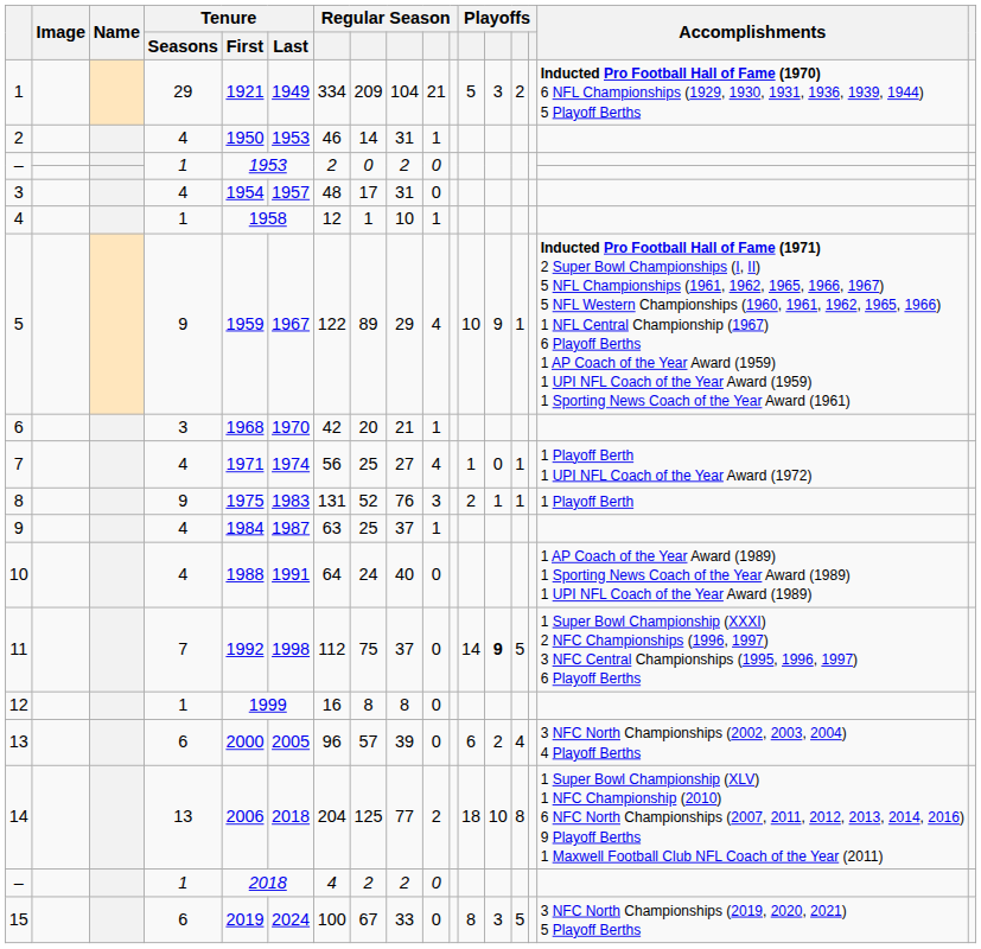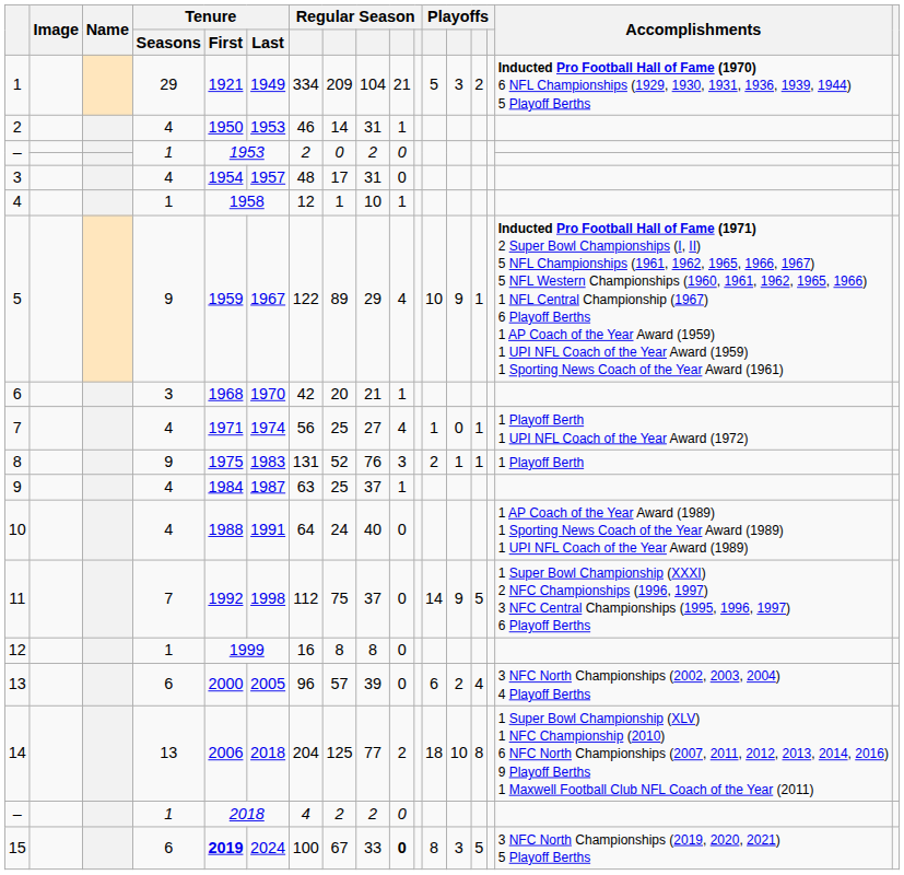 <table class='wikitable sortable sticky-header-multi' style="text-align:center">
 <tr>
 <th scope="col" rowspan="2"> </th>
 <th scope="col" rowspan="2" class="unsortable">Image</th>
 <th scope="col" rowspan="2">Name</th>
 <th scope="col" colspan="3">Tenure</th>
 <th scope="col" colspan="5">Regular Season</th>
 <th scope="col" colspan="4">Playoffs</th>
 <th scope="col" rowspan="2" class="unsortable">Accomplishments</th>
 <th scope="col" rowspan="2" class="unsortable"></th>
 </tr>
 <tr>
 <th scope="col">Seasons</th>
 <th scope="col">First</th>
 <th scope="col">Last</th>
 <th scope="col"></th>
 <th scope="col"></th>
 <th scope="col"></th>
 <th scope="col"></th>
 <th scope="col"></th>
 <th scope="col"></th>
 <th scope="col"></th>
 <th scope="col"></th>
 <th scope="col"></th>
 </tr>
 <tr>
 <td>1</td>
 <td></td>
 <th scope="row" style="background:#FFE6BD; text-align: left;"> </th>
 <td>29</td>
 <td><a href='#'>1921</a></td>
 <td><a href='#'>1949</a></td>
 <td>334</td>
 <td>209</td>
 <td>104</td>
 <td>21</td>
 <td></td>
 <td>5</td>
 <td>3</td>
 <td>2</td>
 <td></td>
 <td align="left"><small><strong>Inducted <a href='#'>Pro Football Hall of Fame</a> (1970)</strong><br> 6 <a href='#'>NFL Championships</a> (<a href='#'>1929</a>, <a href='#'>1930</a>, <a href='#'>1931</a>, <a href='#'>1936</a>, <a href='#'>1939</a>, <a href='#'>1944</a>)<br>5 <a href='#'>Playoff Berths</a><br></small></td>
 <td></td>
 </tr>
 <tr>
 <td>2</td>
 <td></td>
 <th scope="row" style="text-align: left;"></th>
 <td>4</td>
 <td><a href='#'>1950</a></td>
 <td><a href='#'>1953</a></td>
 <td>46</td>
 <td>14</td>
 <td>31</td>
 <td>1</td>
 <td></td>
 <td></td>
 <td></td>
 <td></td>
 <td></td>
 <td></td>
 <td></td>
 </tr>
 <tr>
 <td rowspan="2">–</td>
 <td></td>
 <th scope="row" style="text-align: left;"><em></em></th>
 <td rowspan="2"><em>1</em></td>
 <td colspan="2" rowspan="2"><em><a href='#'>1953</a></em></td>
 <td rowspan="2"><em>2</em></td>
 <td rowspan="2"><em>0</em></td>
 <td rowspan="2"><em>2</em></td>
 <td rowspan="2"><em>0</em></td>
 <td rowspan="2"><em></em></td>
 <td rowspan="2"></td>
 <td rowspan="2"></td>
 <td rowspan="2"></td>
 <td rowspan="2"></td>
 <td></td>
 <td></td>
 </tr>
 <tr>
 <td></td>
 <th scope="row" style="text-align: left;"><em></em></th>
 <td></td>
 <td></td>
 </tr>
 <tr>
 <td>3</td>
 <td></td>
 <th scope="row" style="text-align: left;"></th>
 <td>4</td>
 <td><a href='#'>1954</a></td>
 <td><a href='#'>1957</a></td>
 <td>48</td>
 <td>17</td>
 <td>31</td>
 <td>0</td>
 <td></td>
 <td></td>
 <td></td>
 <td></td>
 <td></td>
 <td></td>
 <td></td>
 </tr>
 <tr>
 <td>4</td>
 <td></td>
 <th scope="row" style="text-align: left;"></th>
 <td>1</td>
 <td colspan="2"><a href='#'>1958</a></td>
 <td>12</td>
 <td>1</td>
 <td>10</td>
 <td>1</td>
 <td></td>
 <td></td>
 <td></td>
 <td></td>
 <td></td>
 <td></td>
 <td></td>
 </tr>
 <tr>
 <td>5</td>
 <td></td>
 <th scope="row" style="background:#FFE6BD; text-align: left;"> </th>
 <td>9</td>
 <td><a href='#'>1959</a></td>
 <td><a href='#'>1967</a></td>
 <td>122</td>
 <td>89</td>
 <td>29</td>
 <td>4</td>
 <td></td>
 <td>10</td>
 <td>9</td>
 <td>1</td>
 <td></td>
 <td align="left"><small><strong>Inducted <a href='#'>Pro Football Hall of Fame</a> (1971)</strong><br>2 <a href='#'>Super Bowl Championships</a> (<a href='#'>I</a>, <a href='#'>II</a>)<br>5 <a href='#'>NFL Championships</a> (<a href='#'>1961</a>, <a href='#'>1962</a>, <a href='#'>1965</a>, <a href='#'>1966</a>, <a href='#'>1967</a>)<br> 5 <a href='#'>NFL Western</a> Championships (<a href='#'>1960</a>, <a href='#'>1961</a>, <a href='#'>1962</a>, <a href='#'>1965</a>, <a href='#'>1966</a>)<br>1 <a href='#'>NFL Central</a> Championship (<a href='#'>1967</a>)<br>6 <a href='#'>Playoff Berths</a><br> 1 <a href='#'>AP Coach of the Year</a> Award (1959)<br>1 <a href='#'>UPI NFL Coach of the Year</a> Award (1959)<br>1 <a href='#'>Sporting News Coach of the Year</a> Award (1961)</small></td>
 <td></td>
 </tr>
 <tr>
 <td>6</td>
 <td></td>
 <th scope="row" style="text-align: left;"></th>
 <td>3</td>
 <td><a href='#'>1968</a></td>
 <td><a href='#'>1970</a></td>
 <td>42</td>
 <td>20</td>
 <td>21</td>
 <td>1</td>
 <td></td>
 <td></td>
 <td></td>
 <td></td>
 <td></td>
 <td></td>
 <td></td>
 </tr>
 <tr>
 <td>7</td>
 <td></td>
 <th scope="row" style="text-align: left;"></th>
 <td>4</td>
 <td><a href='#'>1971</a></td>
 <td><a href='#'>1974</a></td>
 <td>56</td>
 <td>25</td>
 <td>27</td>
 <td>4</td>
 <td></td>
 <td>1</td>
 <td>0</td>
 <td>1</td>
 <td></td>
 <td align="left"><small>1 <a href='#'>Playoff Berth</a><br>1 <a href='#'>UPI NFL Coach of the Year</a> Award (1972)</small></td>
 <td></td>
 </tr>
 <tr>
 <td>8</td>
 <td></td>
 <th scope="row" style="text-align: left;"></th>
 <td>9</td>
 <td><a href='#'>1975</a></td>
 <td><a href='#'>1983</a></td>
 <td>131</td>
 <td>52</td>
 <td>76</td>
 <td>3</td>
 <td></td>
 <td>2</td>
 <td>1</td>
 <td>1</td>
 <td></td>
 <td align="left"><small>1 <a href='#'>Playoff Berth</a></small></td>
 <td></td>
 </tr>
 <tr>
 <td>9</td>
 <td></td>
 <th scope="row" style="text-align: left;"></th>
 <td>4</td>
 <td><a href='#'>1984</a></td>
 <td><a href='#'>1987</a></td>
 <td>63</td>
 <td>25</td>
 <td>37</td>
 <td>1</td>
 <td></td>
 <td></td>
 <td></td>
 <td></td>
 <td></td>
 <td></td>
 <td></td>
 </tr>
 <tr>
 <td>10</td>
 <td></td>
 <th scope="row" style="text-align: left;"></th>
 <td>4</td>
 <td><a href='#'>1988</a></td>
 <td><a href='#'>1991</a></td>
 <td>64</td>
 <td>24</td>
 <td>40</td>
 <td>0</td>
 <td></td>
 <td></td>
 <td></td>
 <td></td>
 <td></td>
 <td align="left"><small>1 <a href='#'>AP Coach of the Year</a> Award (1989)<br>1 <a href='#'>Sporting News Coach of the Year</a> Award (1989)<br>1 <a href='#'>UPI NFL Coach of the Year</a> Award (1989)</small></td>
 <td></td>
 </tr>
 <tr>
 <td>11</td>
 <td></td>
 <th scope="row" style="text-align: left;"></th>
 <td>7</td>
 <td><a href='#'>1992</a></td>
 <td><a href='#'>1998</a></td>
 <td>112</td>
 <td>75</td>
 <td>37</td>
 <td>0</td>
 <td></td>
 <td>14</td>
-<td><strong>9</strong></td>
+<td>9</td>
 <td>5</td>
 <td></td>
 <td align="left"><small>1 <a href='#'>Super Bowl Championship</a> (<a href='#'>XXXI</a>)<br>2 <a href='#'>NFC Championships</a> (<a href='#'>1996</a>, <a href='#'>1997</a>)<br>3 <a href='#'>NFC Central</a> Championships (<a href='#'>1995</a>, <a href='#'>1996</a>, <a href='#'>1997</a>)<br>6 <a href='#'>Playoff Berths</a><br></small></td>
 <td></td>
 </tr>
 <tr>
 <td>12</td>
 <td></td>
 <th scope="row" style="text-align: left;"></th>
 <td>1</td>
 <td colspan="2"><a href='#'>1999</a></td>
 <td>16</td>
 <td>8</td>
 <td>8</td>
 <td>0</td>
 <td></td>
 <td></td>
 <td></td>
 <td></td>
 <td></td>
 <td></td>
 <td></td>
 </tr>
 <tr>
 <td>13</td>
 <td></td>
 <th scope="row" style="text-align: left;"></th>
 <td>6</td>
 <td><a href='#'>2000</a></td>
 <td><a href='#'>2005</a></td>
 <td>96</td>
 <td>57</td>
 <td>39</td>
 <td>0</td>
 <td></td>
 <td>6</td>
 <td>2</td>
 <td>4</td>
 <td></td>
 <td align="left"><small>3 <a href='#'>NFC North</a> Championships (<a href='#'>2002</a>, <a href='#'>2003</a>, <a href='#'>2004</a>)<br>4 <a href='#'>Playoff Berths</a></small></td>
 <td></td>
 </tr>
 <tr>
 <td>14</td>
 <td></td>
 <th scope="row" style="text-align: left;"></th>
 <td>13</td>
 <td><a href='#'>2006</a></td>
 <td><a href='#'>2018</a></td>
 <td>204</td>
 <td>125</td>
 <td>77</td>
 <td>2</td>
 <td></td>
 <td>18</td>
 <td>10</td>
 <td>8</td>
 <td></td>
 <td align="left"><small>1 <a href='#'>Super Bowl Championship</a> (<a href='#'>XLV</a>)<br>1 <a href='#'>NFC Championship</a> (<a href='#'>2010</a>)<br>6 <a href='#'>NFC North</a> Championships (<a href='#'>2007</a>, <a href='#'>2011</a>, <a href='#'>2012</a>, <a href='#'>2013</a>, <a href='#'>2014</a>, <a href='#'>2016</a>)<br>9 <a href='#'>Playoff Berths</a><br>1 <a href='#'>Maxwell Football Club NFL Coach of the Year</a> (2011)</small></td>
 <td></td>
 </tr>
 <tr>
 <td>–</td>
 <td></td>
 <th scope="row" style="text-align: left;"><em></em></th>
 <td><em>1</em></td>
 <td colspan="2"><em><a href='#'>2018</a></em></td>
 <td><em>4</em></td>
 <td><em>2</em></td>
 <td><em>2</em></td>
 <td><em>0</em></td>
 <td><em></em></td>
 <td></td>
 <td></td>
 <td></td>
 <td></td>
 <td></td>
 <td></td>
 </tr>
 <tr>
 <td>15</td>
 <td></td>
 <th scope="row" style="text-align: left;"></th>
 <td>6</td>
-<td><a href='#'>2019</a></td>
+<td><strong><a href='#'>2019</a></strong></td>
 <td><a href='#'>2024</a></td>
 <td>100</td>
 <td>67</td>
 <td>33</td>
-<td>0</td>
+<td><strong>0</strong></td>
 <td></td>
 <td>8</td>
 <td>3</td>
 <td>5</td>
 <td></td>
 <td align="left"><small>3 <a href='#'>NFC North</a> Championships (<a href='#'>2019</a>, <a href='#'>2020</a>, <a href='#'>2021</a>)<br>5 <a href='#'>Playoff Berths</a><br></small></td>
 <td></td>
 </tr>
 </table>
